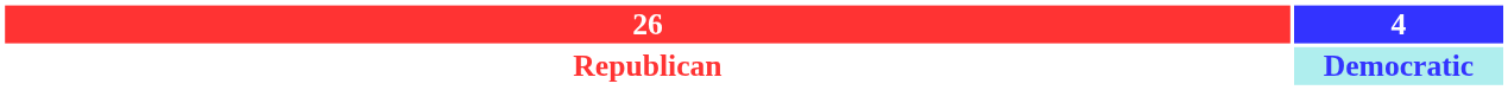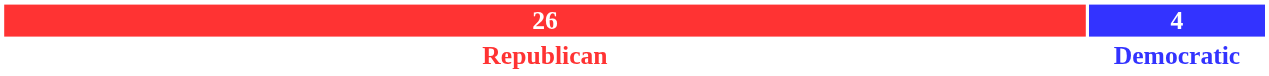 <table style="width:50%">
 <tr>
 <td scope="row" colspan="3" style="text-align:center"></td>
 </tr>
 <tr>
 <td scope="row" style="background:#F33; width:86%; text-align:center; color:white"><strong>26</strong></td>
 <td style="background:#33F; width:14%; text-align:center; color:white"><strong>4</strong></td>
 </tr>
 <tr>
 <td scope="row" style="text-align:center; color:#F33"><strong>Republican</strong></td>
-<td style="background: paleturquoise; text-align:center; color:#33F"><strong>Democratic</strong></td>
+<td style="text-align:center; color:#33F"><strong>Democratic</strong></td>
 </tr>
 </table>
